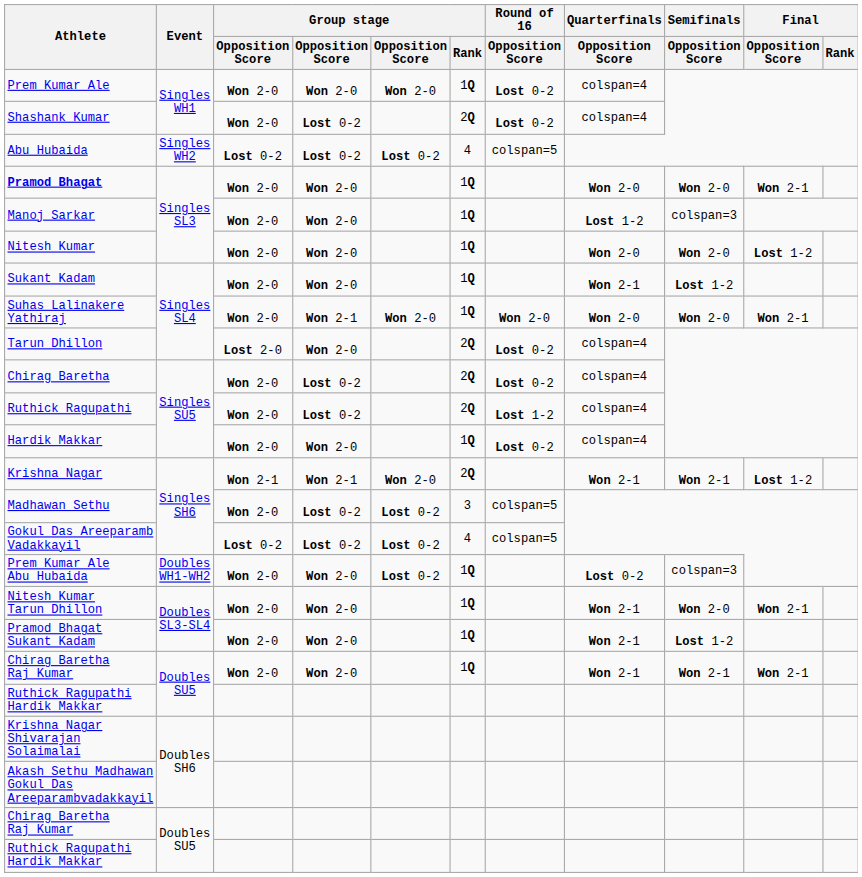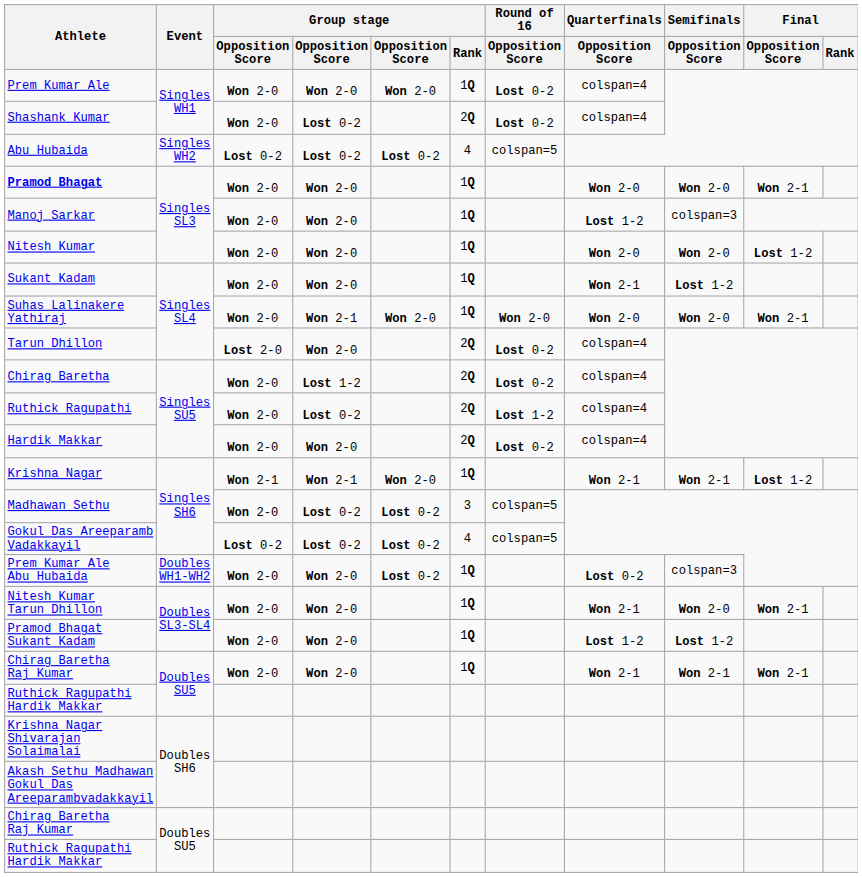 <table class="wikitable" style="text-align:center; font-size:85%">
 <tr>
 <th rowspan="2">Athlete</th>
 <th rowspan="2">Event</th>
 <th colspan="4">Group stage</th>
 <th>Round of 16</th>
 <th>Quarterfinals</th>
 <th>Semifinals</th>
 <th colspan="2">Final</th>
 </tr>
 <tr>
 <th>Opposition<br>Score</th>
 <th>Opposition<br>Score</th>
 <th>Opposition<br>Score</th>
 <th>Rank</th>
 <th>Opposition<br>Score</th>
 <th>Opposition<br>Score</th>
 <th>Opposition<br>Score</th>
 <th>Opposition<br>Score</th>
 <th>Rank</th>
 </tr>
 <tr>
 <td align="left"><a href='#'>Prem Kumar Ale</a></td>
 <td rowspan="2"><a href='#'>Singles WH1</a></td>
 <td><br><strong>Won</strong> 2-0</td>
 <td><br><strong>Won</strong> 2-0</td>
 <td><br><strong>Won</strong> 2-0</td>
 <td>1<strong>Q</strong></td>
 <td><br><strong>Lost</strong> 0-2</td>
 <td>colspan=4 </td>
 </tr>
 <tr>
 <td align="left"><a href='#'>Shashank Kumar</a></td>
 <td><br><strong>Won</strong> 2-0</td>
 <td><br><strong>Lost</strong> 0-2</td>
 <td></td>
 <td>2<strong>Q</strong></td>
 <td><br><strong>Lost</strong> 0-2</td>
 <td>colspan=4 </td>
 </tr>
 <tr>
 <td align="left"><a href='#'>Abu Hubaida</a></td>
 <td><a href='#'>Singles WH2</a></td>
 <td><br><strong>Lost</strong> 0-2</td>
 <td><br><strong>Lost</strong> 0-2</td>
 <td><br><strong>Lost</strong> 0-2</td>
 <td>4</td>
 <td>colspan=5 </td>
 </tr>
 <tr>
 <td align="left"><strong><a href='#'>Pramod Bhagat</a></strong></td>
 <td rowspan="3"><a href='#'>Singles SL3</a></td>
 <td><br><strong>Won</strong> 2-0</td>
 <td><br><strong>Won</strong> 2-0</td>
 <td></td>
 <td>1<strong>Q</strong></td>
 <td></td>
 <td><br> <strong>Won</strong> 2-0</td>
 <td><br> <strong>Won</strong> 2-0</td>
 <td><br> <strong>Won</strong> 2-1</td>
 <td></td>
 </tr>
 <tr>
 <td align="left"><a href='#'>Manoj Sarkar</a></td>
 <td><br> <strong>Won</strong> 2-0</td>
 <td><br> <strong>Won</strong> 2-0</td>
 <td></td>
 <td>1<strong>Q</strong></td>
 <td></td>
 <td><br> <strong>Lost</strong> 1-2</td>
 <td>colspan=3 </td>
 </tr>
 <tr>
 <td align="left"><a href='#'>Nitesh Kumar</a></td>
 <td><br><strong>Won</strong> 2-0</td>
 <td><br><strong>Won</strong> 2-0</td>
 <td></td>
 <td>1<strong>Q</strong></td>
 <td></td>
 <td><br><strong>Won</strong> 2-0</td>
 <td><br><strong>Won</strong> 2-0</td>
 <td><br> <strong>Lost</strong> 1-2</td>
 <td></td>
 </tr>
 <tr>
 <td align="left"><a href='#'>Sukant Kadam</a></td>
 <td rowspan="3"><a href='#'>Singles SL4</a></td>
 <td><br><strong>Won</strong> 2-0</td>
 <td><br><strong>Won</strong> 2-0</td>
 <td></td>
 <td>1<strong>Q</strong></td>
 <td></td>
 <td><br> <strong>Won</strong> 2-1</td>
 <td><br> <strong>Lost</strong> 1-2</td>
 <td></td>
 <td></td>
 </tr>
 <tr>
 <td align="left"><a href='#'>Suhas Lalinakere Yathiraj</a></td>
 <td><br><strong>Won</strong> 2-0</td>
 <td><br><strong>Won</strong> 2-1</td>
 <td><br><strong>Won</strong> 2-0</td>
 <td>1<strong>Q</strong></td>
 <td><br><strong>Won</strong> 2-0</td>
 <td><br><strong>Won</strong> 2-0</td>
 <td><br><strong>Won</strong> 2-0</td>
 <td><br><strong>Won</strong> 2-1</td>
 <td></td>
 </tr>
 <tr>
 <td align="left"><a href='#'>Tarun Dhillon</a></td>
 <td><br><strong>Lost</strong> 2-0</td>
 <td><br><strong>Won</strong> 2-0</td>
 <td></td>
 <td>2<strong>Q</strong></td>
 <td><br><strong>Lost</strong> 0-2</td>
 <td>colspan=4 </td>
 </tr>
 <tr>
 <td align="left"><a href='#'>Chirag Baretha</a></td>
 <td rowspan="3"><a href='#'>Singles SU5</a></td>
 <td><br><strong>Won</strong> 2-0</td>
-<td><br><strong>Lost</strong> 0-2</td>
+<td><br><strong>Lost</strong> 1-2</td>
 <td></td>
 <td>2<strong>Q</strong></td>
 <td><br><strong>Lost</strong> 0-2</td>
 <td>colspan=4 </td>
 </tr>
 <tr>
 <td align="left"><a href='#'>Ruthick Ragupathi</a></td>
 <td><br><strong>Won</strong> 2-0</td>
 <td><br><strong>Lost</strong> 0-2</td>
 <td></td>
 <td>2<strong>Q</strong></td>
 <td><br><strong>Lost</strong> 1-2</td>
 <td>colspan=4 </td>
 </tr>
 <tr>
 <td align="left"><a href='#'>Hardik Makkar</a></td>
 <td><br><strong>Won</strong> 2-0</td>
 <td><br><strong>Won</strong> 2-0</td>
 <td></td>
-<td>1<strong>Q</strong></td>
+<td>2<strong>Q</strong></td>
 <td><br><strong>Lost</strong> 0-2</td>
 <td>colspan=4 </td>
 </tr>
 <tr>
 <td align="left"><a href='#'>Krishna Nagar</a></td>
 <td rowspan="3"><a href='#'>Singles SH6</a></td>
 <td><br><strong>Won</strong> 2-1</td>
 <td><br><strong>Won</strong> 2-1</td>
 <td><br><strong>Won</strong> 2-0</td>
-<td>2<strong>Q</strong></td>
+<td>1<strong>Q</strong></td>
 <td></td>
 <td><br><strong>Won</strong> 2-1</td>
 <td><br><strong>Won</strong> 2-1</td>
 <td><br><strong>Lost</strong> 1-2</td>
 <td></td>
 </tr>
 <tr>
 <td align="left"><a href='#'>Madhawan Sethu</a></td>
 <td><br><strong>Won</strong> 2-0</td>
 <td><br><strong>Lost</strong> 0-2</td>
 <td><br><strong>Lost</strong> 0-2</td>
 <td>3</td>
 <td>colspan=5 </td>
 </tr>
 <tr>
 <td align="left"><a href='#'>Gokul Das Areeparamb Vadakkayil</a></td>
 <td><br><strong>Lost</strong> 0-2</td>
 <td><br><strong>Lost</strong> 0-2</td>
 <td><br><strong>Lost</strong> 0-2</td>
 <td>4</td>
 <td>colspan=5 </td>
 </tr>
 <tr>
 <td align="left"><a href='#'>Prem Kumar Ale</a><br><a href='#'>Abu Hubaida</a></td>
 <td><a href='#'>Doubles WH1-WH2</a></td>
 <td><br><strong>Won</strong> 2-0</td>
 <td><br><strong>Won</strong> 2-0</td>
 <td><br><strong>Lost</strong> 0-2</td>
 <td>1<strong>Q</strong></td>
 <td></td>
 <td><br><strong>Lost</strong> 0-2</td>
 <td>colspan=3 </td>
 </tr>
 <tr>
 <td align="left"><a href='#'>Nitesh Kumar</a><br><a href='#'>Tarun Dhillon</a></td>
 <td rowspan="2"><a href='#'>Doubles SL3-SL4</a></td>
 <td><br><strong>Won</strong> 2-0</td>
 <td><br><strong>Won</strong> 2-0</td>
 <td></td>
 <td>1<strong>Q</strong></td>
 <td></td>
 <td><br><strong>Won</strong> 2-1</td>
 <td><br><strong>Won</strong> 2-0</td>
 <td><br><strong>Won</strong> 2-1</td>
 <td></td>
 </tr>
 <tr>
 <td align="left"><a href='#'>Pramod Bhagat</a><br><a href='#'>Sukant Kadam</a></td>
 <td><br><strong>Won</strong> 2-0</td>
 <td><br><strong>Won</strong> 2-0</td>
 <td></td>
 <td>1<strong>Q</strong></td>
 <td></td>
-<td><br><strong>Won</strong> 2-1</td>
+<td><br> <strong>Lost</strong> 1-2</td>
 <td><br><strong>Lost</strong> 1-2</td>
 <td></td>
 <td></td>
 </tr>
 <tr>
 <td align="left"><a href='#'>Chirag Baretha</a><br><a href='#'>Raj Kumar</a></td>
 <td rowspan="2"><a href='#'>Doubles SU5</a></td>
 <td><br><strong>Won</strong> 2-0</td>
 <td><br><strong>Won</strong> 2-0</td>
 <td></td>
 <td>1<strong>Q</strong></td>
 <td></td>
 <td><br><strong>Won</strong> 2-1</td>
 <td><br><strong>Won</strong> 2-1</td>
 <td><br><strong>Won</strong> 2-1</td>
 <td></td>
 </tr>
 <tr>
 <td align="left"><a href='#'>Ruthick Ragupathi</a><br><a href='#'>Hardik Makkar</a></td>
 <td></td>
 <td></td>
 <td></td>
 <td></td>
 <td></td>
 <td></td>
 <td></td>
 <td></td>
 <td></td>
 </tr>
 <tr>
 <td align="left"><a href='#'>Krishna Nagar</a><br><a href='#'>Shivarajan Solaimalai</a></td>
 <td rowspan="2">Doubles SH6</td>
 <td><br></td>
 <td></td>
 <td></td>
 <td></td>
 <td></td>
 <td></td>
 <td></td>
 <td></td>
 <td></td>
 </tr>
 <tr>
 <td align="left"><a href='#'>Akash Sethu Madhawan</a><br><a href='#'>Gokul Das Areeparambvadakkayil</a></td>
 <td></td>
 <td></td>
 <td></td>
 <td></td>
 <td></td>
 <td></td>
 <td></td>
 <td></td>
 <td></td>
 </tr>
 <tr>
 <td align="left"><a href='#'>Chirag Baretha</a><br><a href='#'>Raj Kumar</a></td>
 <td rowspan="2">Doubles SU5</td>
 <td></td>
 <td></td>
 <td></td>
 <td></td>
 <td></td>
 <td></td>
 <td></td>
 <td></td>
 <td></td>
 </tr>
 <tr>
 <td align="left"><a href='#'>Ruthick Ragupathi</a><br><a href='#'>Hardik Makkar</a></td>
 <td></td>
 <td></td>
 <td></td>
 <td></td>
 <td></td>
 <td></td>
 <td></td>
 <td></td>
 <td></td>
 </tr>
 </table>
